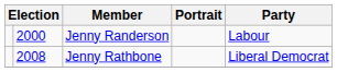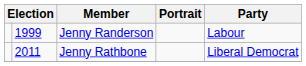 <table class="wikitable">
 <tr>
 <th colspan="2">Election</th>
 <th>Member</th>
 <th>Portrait</th>
 <th>Party</th>
 </tr>
 <tr>
 <td style="background-color: "></td>
-<td><a href='#'>2000</a></td>
+<td><a href='#'>1999</a></td>
 <td><a href='#'>Jenny Randerson</a></td>
 <td></td>
 <td><a href='#'>Labour</a></td>
 </tr>
 <tr>
 <td style="background-color: "></td>
-<td><a href='#'>2008</a></td>
+<td><a href='#'>2011</a></td>
 <td><a href='#'>Jenny Rathbone</a></td>
 <td></td>
 <td><a href='#'>Liberal Democrat</a></td>
 </tr>
 <tr>
 </tr>
 </table>
